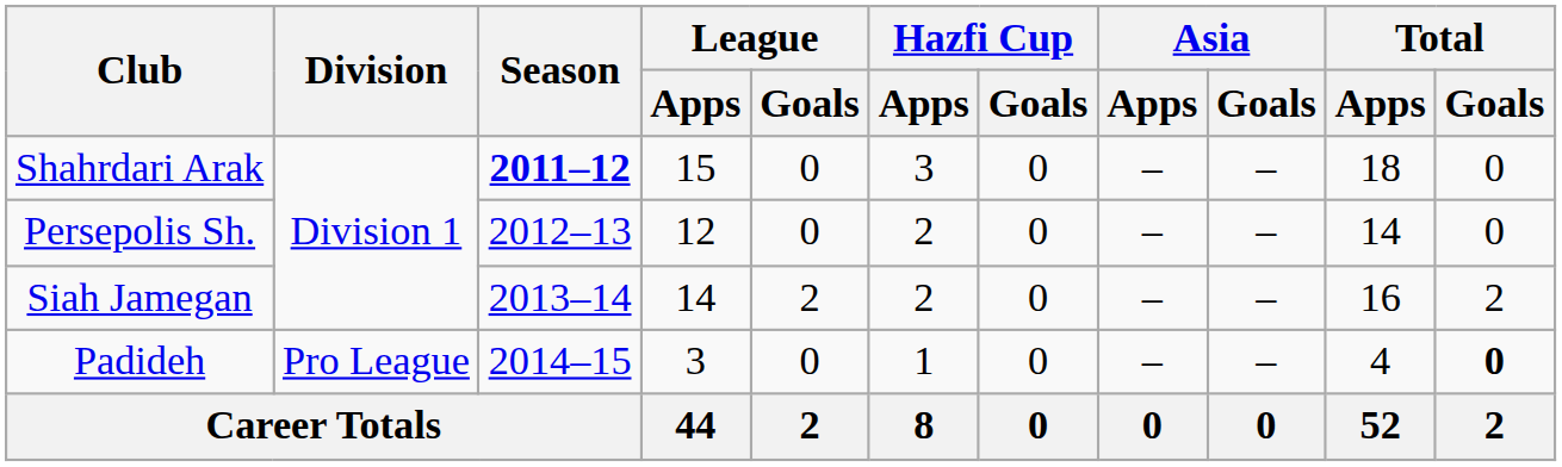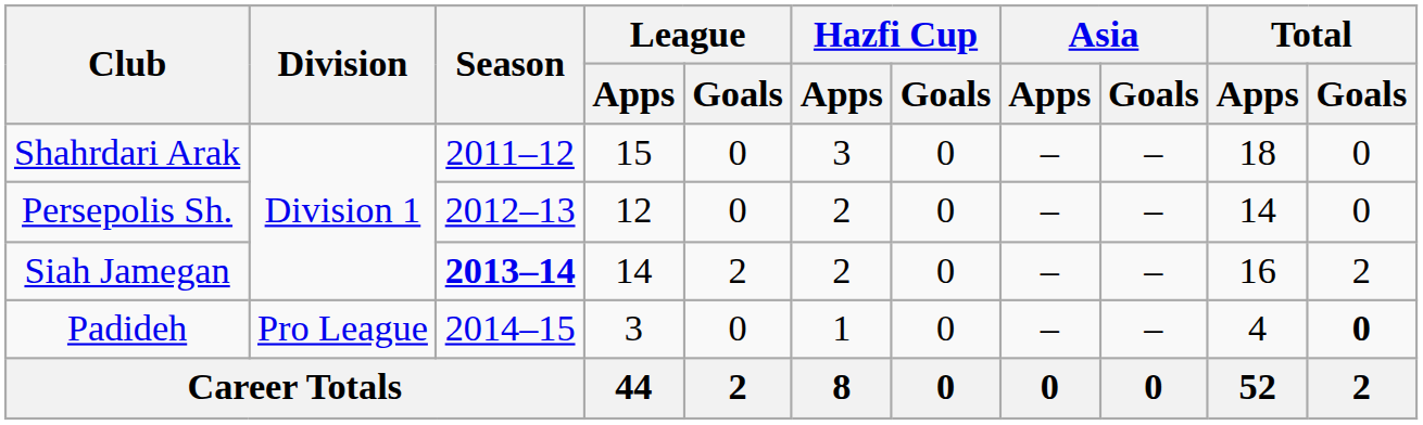 <table class="wikitable" style="text-align: center;">
 <tr>
 <th rowspan="2">Club</th>
 <th rowspan="2">Division</th>
 <th rowspan="2">Season</th>
 <th colspan="2">League</th>
 <th colspan="2"><a href='#'>Hazfi Cup</a></th>
 <th colspan="2"><a href='#'>Asia</a></th>
 <th colspan="2">Total</th>
 </tr>
 <tr>
 <th>Apps</th>
 <th>Goals</th>
 <th>Apps</th>
 <th>Goals</th>
 <th>Apps</th>
 <th>Goals</th>
 <th>Apps</th>
 <th>Goals</th>
 </tr>
 <tr>
 <td><a href='#'>Shahrdari Arak</a></td>
 <td rowspan="3"><a href='#'>Division 1</a></td>
-<td><strong><a href='#'>2011–12</a></strong></td>
+<td><a href='#'>2011–12</a></td>
 <td>15</td>
 <td>0</td>
 <td>3</td>
 <td>0</td>
 <td>–</td>
 <td>–</td>
 <td>18</td>
 <td>0</td>
 </tr>
 <tr>
 <td><a href='#'>Persepolis Sh.</a></td>
 <td><a href='#'>2012–13</a></td>
 <td>12</td>
 <td>0</td>
 <td>2</td>
 <td>0</td>
 <td>–</td>
 <td>–</td>
 <td>14</td>
 <td>0</td>
 </tr>
 <tr>
 <td><a href='#'>Siah Jamegan</a></td>
-<td><a href='#'>2013–14</a></td>
+<td><strong><a href='#'>2013–14</a></strong></td>
 <td>14</td>
 <td>2</td>
 <td>2</td>
 <td>0</td>
 <td>–</td>
 <td>–</td>
 <td>16</td>
 <td>2</td>
 </tr>
 <tr>
 <td><a href='#'>Padideh</a></td>
 <td><a href='#'>Pro League</a></td>
 <td><a href='#'>2014–15</a></td>
 <td>3</td>
 <td>0</td>
 <td>1</td>
 <td>0</td>
 <td>–</td>
 <td>–</td>
 <td>4</td>
 <td><strong>0</strong></td>
 </tr>
 <tr>
 <th colspan=3>Career Totals</th>
 <th>44</th>
 <th>2</th>
 <th>8</th>
 <th>0</th>
 <th>0</th>
 <th>0</th>
 <th>52</th>
 <th>2</th>
 </tr>
 </table>
